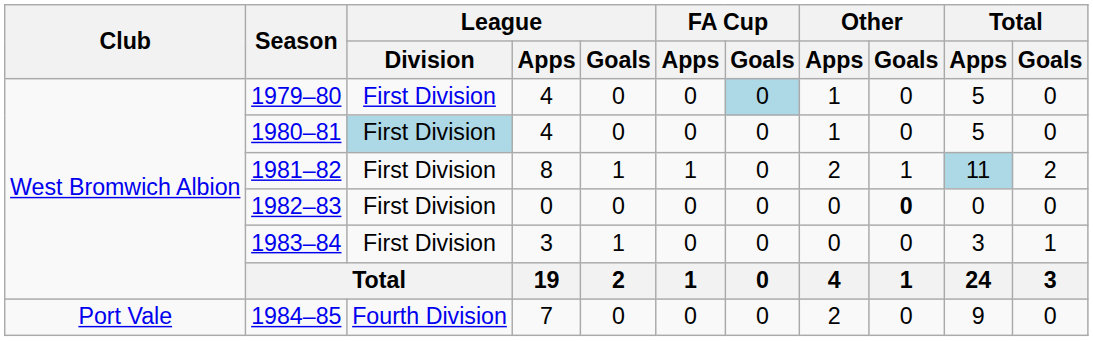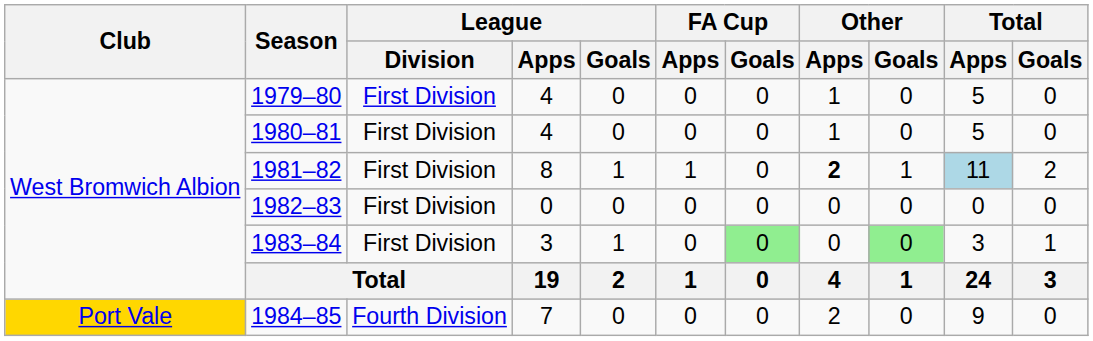 <table class="wikitable" style="text-align: center;">
 <tr>
 <th rowspan="2">Club</th>
 <th rowspan="2">Season</th>
 <th colspan="3">League</th>
 <th colspan="2">FA Cup</th>
 <th colspan="2">Other</th>
 <th colspan="2">Total</th>
 </tr>
 <tr>
 <th>Division</th>
 <th>Apps</th>
 <th>Goals</th>
 <th>Apps</th>
 <th>Goals</th>
 <th>Apps</th>
 <th>Goals</th>
 <th>Apps</th>
 <th>Goals</th>
 </tr>
 <tr>
 <td rowspan="6"><a href='#'>West Bromwich Albion</a></td>
 <td><a href='#'>1979–80</a></td>
 <td><a href='#'>First Division</a></td>
 <td>4</td>
 <td>0</td>
 <td>0</td>
-<td style="background: lightblue;">0</td>
+<td>0</td>
 <td>1</td>
 <td>0</td>
 <td>5</td>
 <td>0</td>
 </tr>
 <tr>
 <td><a href='#'>1980–81</a></td>
-<td style="background: lightblue;">First Division</td>
+<td>First Division</td>
 <td>4</td>
 <td>0</td>
 <td>0</td>
 <td>0</td>
 <td>1</td>
 <td>0</td>
 <td>5</td>
 <td>0</td>
 </tr>
 <tr>
 <td><a href='#'>1981–82</a></td>
 <td>First Division</td>
 <td>8</td>
 <td>1</td>
 <td>1</td>
 <td>0</td>
-<td>2</td>
+<td><strong>2</strong></td>
 <td>1</td>
 <td style="background: lightblue;">11</td>
 <td>2</td>
 </tr>
 <tr>
 <td><a href='#'>1982–83</a></td>
 <td>First Division</td>
 <td>0</td>
 <td>0</td>
 <td>0</td>
 <td>0</td>
 <td>0</td>
-<td><strong>0</strong></td>
+<td>0</td>
 <td>0</td>
 <td>0</td>
 </tr>
 <tr>
 <td><a href='#'>1983–84</a></td>
 <td>First Division</td>
 <td>3</td>
 <td>1</td>
 <td>0</td>
+<td style="background: lightgreen;">0</td>
 <td>0</td>
-<td>0</td>
-<td>0</td>
+<td style="background: lightgreen;">0</td>
 <td>3</td>
 <td>1</td>
 </tr>
 <tr>
 <th colspan="2">Total</th>
 <th>19</th>
 <th>2</th>
 <th>1</th>
 <th>0</th>
 <th>4</th>
 <th>1</th>
 <th>24</th>
 <th>3</th>
 </tr>
 <tr>
-<td><a href='#'>Port Vale</a></td>
+<td style="background: gold;"><a href='#'>Port Vale</a></td>
 <td><a href='#'>1984–85</a></td>
 <td><a href='#'>Fourth Division</a></td>
 <td>7</td>
 <td>0</td>
 <td>0</td>
 <td>0</td>
 <td>2</td>
 <td>0</td>
 <td>9</td>
 <td>0</td>
 </tr>
 </table>
